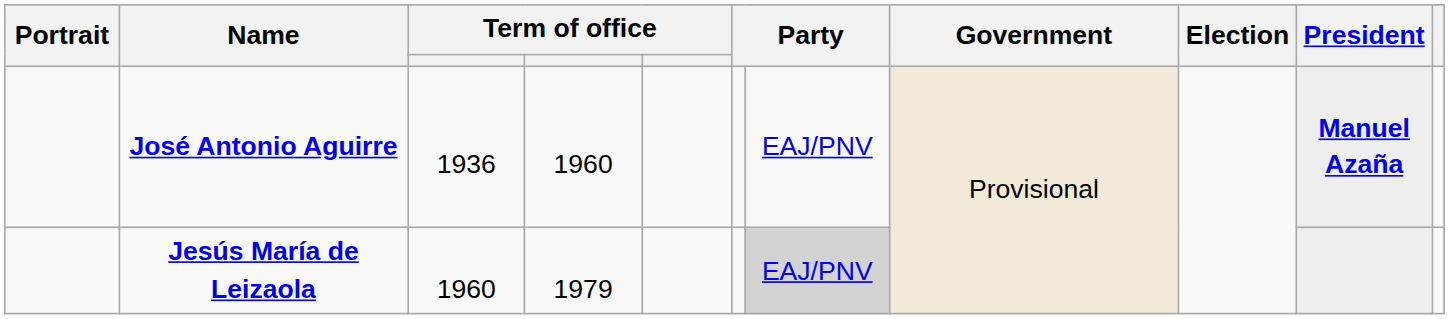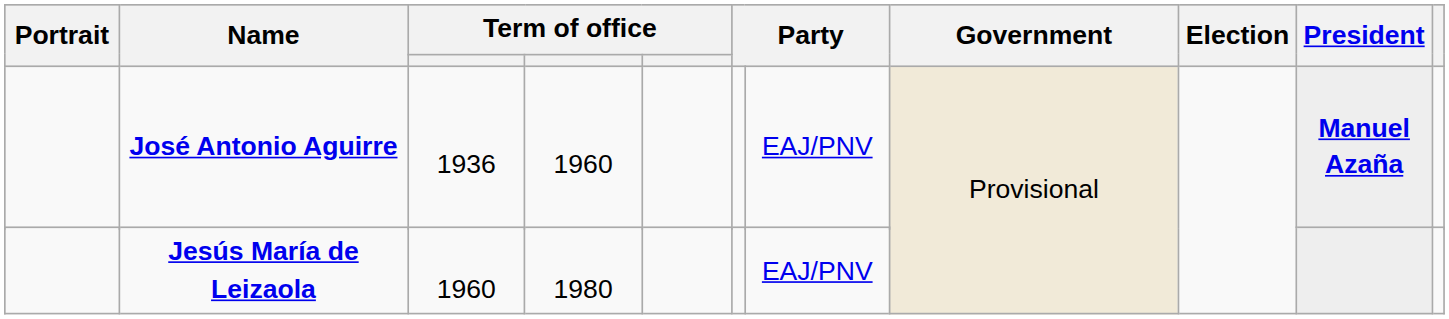 <table class="wikitable" style="line-height:1.4em; text-align:center; border:1px #aaf solid;">
 <tr>
 <th rowspan="2" width="65">Portrait</th>
 <th rowspan="2" width="250">Name<br></th>
 <th colspan="3">Term of office</th>
 <th rowspan="2" colspan="2" width="90">Party</th>
 <th rowspan="2" width="225">Government<br></th>
 <th rowspan="2" width="65">Election</th>
 <th rowspan="2" width="75"><a href='#'>President</a><br></th>
 <th rowspan="2"></th>
 </tr>
 <tr>
 <th width="85"></th>
 <th width="85"></th>
 <th width="85"></th>
 </tr>
 <tr>
 <td rowspan="2" width="65"></td>
 <td rowspan="2"><strong><a href='#'>José Antonio Aguirre</a></strong><br></td>
 <td rowspan="2" class="nowrap"><br>1936</td>
 <td rowspan="2" class="nowrap"><br>1960</td>
 <td rowspan="2" style="font-size:95%;"></td>
 <td rowspan="2" width="1" style="background:"></td>
 <td rowspan="2" width="90"><a href='#'>EAJ/PNV</a></td>
 <td rowspan="3" style="background:#F1EAD8;">Provisional<br></td>
 <td rowspan="3" style="color:#ccc;"></td>
 <td scope="row" bgcolor="#EEEEEE"><br><strong><a href='#'>Manuel Azaña</a></strong><br><br></td>
 <td rowspan="2"></td>
 </tr>
 <tr>
 <td rowspan="2" scope="row" bgcolor="#EEEEEE"><br></td>
 </tr>
 <tr>
 <td></td>
 <td><strong><a href='#'>Jesús María de Leizaola</a></strong><br></td>
 <td class="nowrap"><br>1960</td>
-<td class="nowrap"><br>1979</td>
+<td class="nowrap"><br>1980</td>
 <td style="font-size:95%;"></td>
 <td style="color:inherit;background:"></td>
-<td style="background: lightgrey;"><a href='#'>EAJ/PNV</a></td>
+<td><a href='#'>EAJ/PNV</a></td>
 <td></td>
 </tr>
 </table>
